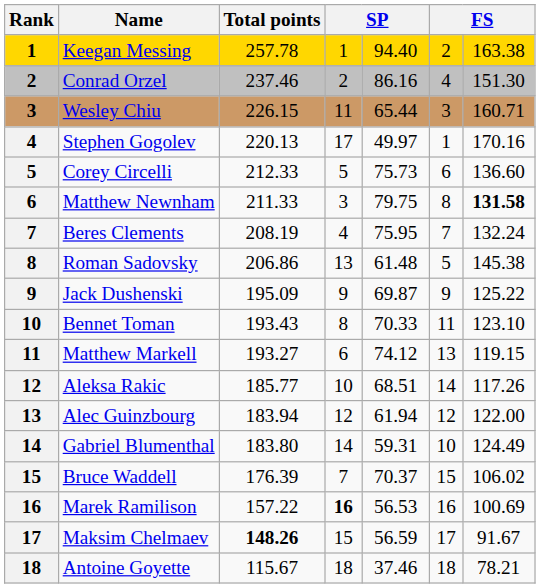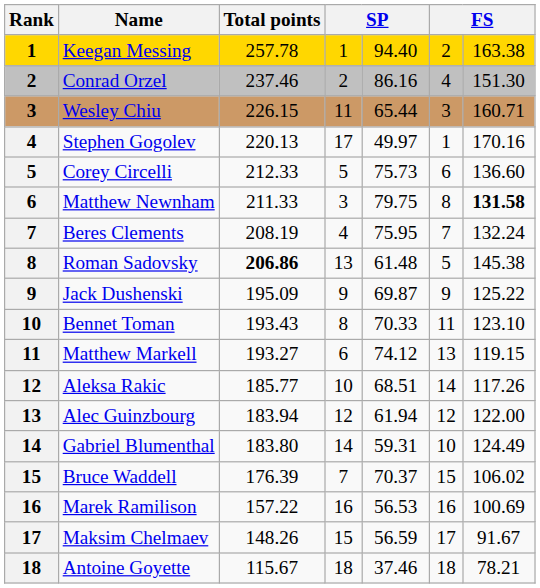 <table class="wikitable sortable">
 <tr>
 <th>Rank</th>
 <th>Name</th>
 <th>Total points</th>
 <th colspan="2" width="80px"><a href='#'>SP</a></th>
 <th colspan="2" width="80px"><a href='#'>FS</a></th>
 </tr>
 <tr bgcolor="gold">
 <td align="center"><strong>1</strong></td>
 <td><a href='#'>Keegan Messing</a></td>
 <td align="center">257.78</td>
 <td align="center">1</td>
 <td align="center">94.40</td>
 <td align="center">2</td>
 <td align="center">163.38</td>
 </tr>
 <tr bgcolor="silver">
 <td align="center"><strong>2</strong></td>
 <td><a href='#'>Conrad Orzel</a></td>
 <td align="center">237.46</td>
 <td align="center">2</td>
 <td align="center">86.16</td>
 <td align="center">4</td>
 <td align="center">151.30</td>
 </tr>
 <tr bgcolor="cc9966">
 <td align="center"><strong>3</strong></td>
 <td><a href='#'>Wesley Chiu</a></td>
 <td align="center">226.15</td>
 <td align="center">11</td>
 <td align="center">65.44</td>
 <td align="center">3</td>
 <td align="center">160.71</td>
 </tr>
 <tr>
 <th>4</th>
 <td><a href='#'>Stephen Gogolev</a></td>
 <td align="center">220.13</td>
 <td align="center">17</td>
 <td align="center">49.97</td>
 <td align="center">1</td>
 <td align="center">170.16</td>
 </tr>
 <tr>
 <th>5</th>
 <td><a href='#'>Corey Circelli</a></td>
 <td align="center">212.33</td>
 <td align="center">5</td>
 <td align="center">75.73</td>
 <td align="center">6</td>
 <td align="center">136.60</td>
 </tr>
 <tr>
 <th>6</th>
 <td><a href='#'>Matthew Newnham</a></td>
 <td align="center">211.33</td>
 <td align="center">3</td>
 <td align="center">79.75</td>
 <td align="center">8</td>
 <td align="center"><strong>131.58</strong></td>
 </tr>
 <tr>
 <th>7</th>
 <td><a href='#'>Beres Clements</a></td>
 <td align="center">208.19</td>
 <td align="center">4</td>
 <td align="center">75.95</td>
 <td align="center">7</td>
 <td align="center">132.24</td>
 </tr>
 <tr>
 <th>8</th>
 <td><a href='#'>Roman Sadovsky</a></td>
-<td align="center">206.86</td>
+<td align="center"><strong>206.86</strong></td>
 <td align="center">13</td>
 <td align="center">61.48</td>
 <td align="center">5</td>
 <td align="center">145.38</td>
 </tr>
 <tr>
 <th>9</th>
 <td><a href='#'>Jack Dushenski</a></td>
 <td align="center">195.09</td>
 <td align="center">9</td>
 <td align="center">69.87</td>
 <td align="center">9</td>
 <td align="center">125.22</td>
 </tr>
 <tr>
 <th>10</th>
 <td><a href='#'>Bennet Toman</a></td>
 <td align="center">193.43</td>
 <td align="center">8</td>
 <td align="center">70.33</td>
 <td align="center">11</td>
 <td align="center">123.10</td>
 </tr>
 <tr>
 <th>11</th>
 <td><a href='#'>Matthew Markell</a></td>
 <td align="center">193.27</td>
 <td align="center">6</td>
 <td align="center">74.12</td>
 <td align="center">13</td>
 <td align="center">119.15</td>
 </tr>
 <tr>
 <th>12</th>
 <td><a href='#'>Aleksa Rakic</a></td>
 <td align="center">185.77</td>
 <td align="center">10</td>
 <td align="center">68.51</td>
 <td align="center">14</td>
 <td align="center">117.26</td>
 </tr>
 <tr>
 <th>13</th>
 <td><a href='#'>Alec Guinzbourg</a></td>
 <td align="center">183.94</td>
 <td align="center">12</td>
 <td align="center">61.94</td>
 <td align="center">12</td>
 <td align="center">122.00</td>
 </tr>
 <tr>
 <th>14</th>
 <td><a href='#'>Gabriel Blumenthal</a></td>
 <td align="center">183.80</td>
 <td align="center">14</td>
 <td align="center">59.31</td>
 <td align="center">10</td>
 <td align="center">124.49</td>
 </tr>
 <tr>
 <th>15</th>
 <td><a href='#'>Bruce Waddell</a></td>
 <td align="center">176.39</td>
 <td align="center">7</td>
 <td align="center">70.37</td>
 <td align="center">15</td>
 <td align="center">106.02</td>
 </tr>
 <tr>
 <th>16</th>
 <td><a href='#'>Marek Ramilison</a></td>
 <td align="center">157.22</td>
-<td align="center"><strong>16</strong></td>
+<td align="center">16</td>
 <td align="center">56.53</td>
 <td align="center">16</td>
 <td align="center">100.69</td>
 </tr>
 <tr>
 <th>17</th>
 <td><a href='#'>Maksim Chelmaev</a></td>
-<td align="center"><strong>148.26</strong></td>
+<td align="center">148.26</td>
 <td align="center">15</td>
 <td align="center">56.59</td>
 <td align="center">17</td>
 <td align="center">91.67</td>
 </tr>
 <tr>
 <th>18</th>
 <td><a href='#'>Antoine Goyette</a></td>
 <td align="center">115.67</td>
 <td align="center">18</td>
 <td align="center">37.46</td>
 <td align="center">18</td>
 <td align="center">78.21</td>
 </tr>
 </table>
